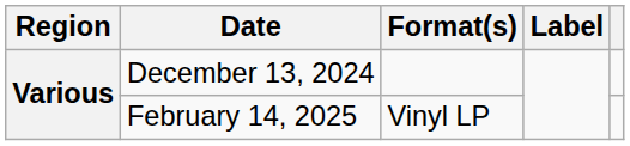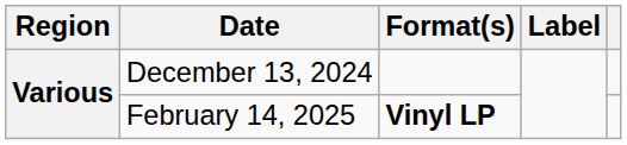 <table class="wikitable plainrowheaders">
 <tr>
 <th scope="col">Region</th>
 <th scope="col">Date</th>
 <th scope="col">Format(s)</th>
 <th scope="col">Label</th>
 <th scope="col"></th>
 </tr>
 <tr>
 <th scope="row" rowspan="2">Various</th>
 <td>December 13, 2024</td>
 <td></td>
 <td rowspan="2"></td>
 <td style="text-align: center;"></td>
 </tr>
 <tr>
 <td>February 14, 2025</td>
-<td>Vinyl LP</td>
+<td><strong>Vinyl LP</strong></td>
 <td style="text-align: center;"></td>
 </tr>
 </table>
